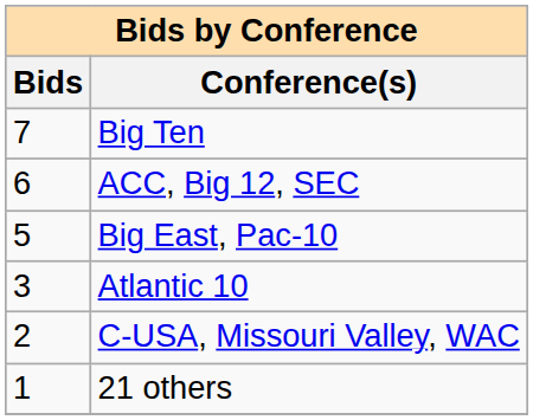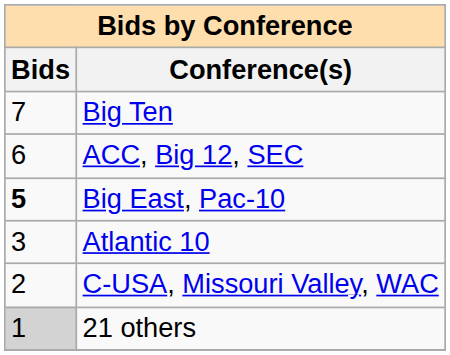 <table class="wikitable">
 <tr>
 <th colspan="5" style="background:#ffdead;">Bids by Conference</th>
 </tr>
 <tr>
 <th>Bids</th>
 <th>Conference(s)</th>
 </tr>
 <tr>
 <td>7</td>
 <td><a href='#'>Big Ten</a></td>
 </tr>
 <tr>
 <td>6</td>
 <td><a href='#'>ACC</a>, <a href='#'>Big 12</a>, <a href='#'>SEC</a></td>
 </tr>
 <tr>
-<td>5</td>
+<td><strong>5</strong></td>
 <td><a href='#'>Big East</a>, <a href='#'>Pac-10</a></td>
 </tr>
 <tr>
 <td>3</td>
 <td><a href='#'>Atlantic 10</a></td>
 </tr>
 <tr>
 <td>2</td>
 <td><a href='#'>C-USA</a>, <a href='#'>Missouri Valley</a>, <a href='#'>WAC</a></td>
 </tr>
 <tr>
-<td>1</td>
+<td style="background: lightgrey;">1</td>
 <td>21 others</td>
 </tr>
 <tr>
 </tr>
 </table>
